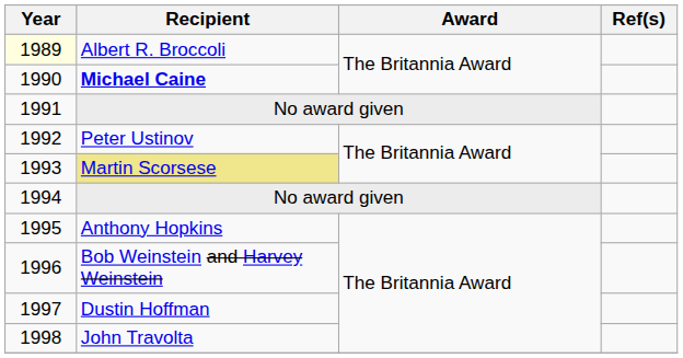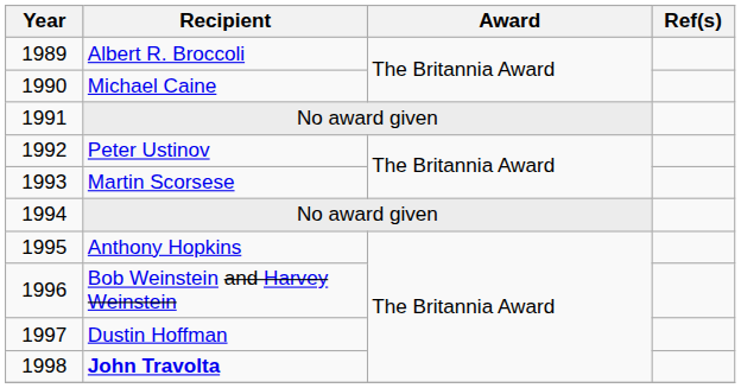 <table class="sortable wikitable" width="65%" align="centre">
 <tr bgcolor="#bebebe">
 <th width="3%">Year</th>
 <th width="19%">Recipient</th>
 <th width="19%">Award</th>
 <th width="2%">Ref(s)</th>
 </tr>
 <tr>
-<td align="center" style="background: lightyellow;">1989</td>
+<td align="center">1989</td>
 <td><a href='#'>Albert R. Broccoli</a></td>
 <td rowspan="2">The Britannia Award</td>
 <td align="center"></td>
 </tr>
 <tr>
 <td align="center">1990</td>
-<td><strong><a href='#'>Michael Caine</a></strong></td>
+<td><a href='#'>Michael Caine</a></td>
 <td align="center"></td>
 </tr>
 <tr>
 <td align="center">1991</td>
 <td colspan="2" style="background: #ececec;" align="center">No award given</td>
 <td align="center"></td>
 </tr>
 <tr>
 <td align="center">1992</td>
 <td><a href='#'>Peter Ustinov</a></td>
 <td rowspan="2">The Britannia Award</td>
 <td align="center"></td>
 </tr>
 <tr>
 <td align="center">1993</td>
-<td style="background: khaki;"><a href='#'>Martin Scorsese</a></td>
+<td><a href='#'>Martin Scorsese</a></td>
 <td align="center"></td>
 </tr>
 <tr>
 <td align="center">1994</td>
 <td colspan="2" style="background: #ececec;" align="center">No award given</td>
 <td align="center"></td>
 </tr>
 <tr>
 <td align="center">1995</td>
 <td><a href='#'>Anthony Hopkins</a></td>
 <td rowspan="4">The Britannia Award</td>
 <td align="center"></td>
 </tr>
 <tr>
 <td align="center">1996</td>
 <td><a href='#'>Bob Weinstein</a> <s>and <a href='#'>Harvey Weinstein</a></s><small></small></td>
 <td align="center"></td>
 </tr>
 <tr>
 <td align="center">1997</td>
 <td><a href='#'>Dustin Hoffman</a></td>
 <td align="center"></td>
 </tr>
 <tr>
 <td align="center">1998</td>
-<td><a href='#'>John Travolta</a></td>
+<td><strong><a href='#'>John Travolta</a></strong></td>
 <td align="center"></td>
 </tr>
 <tr>
 </tr>
 </table>
